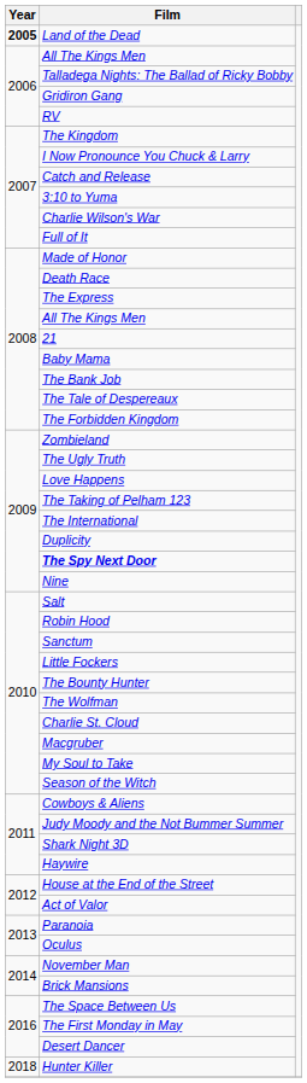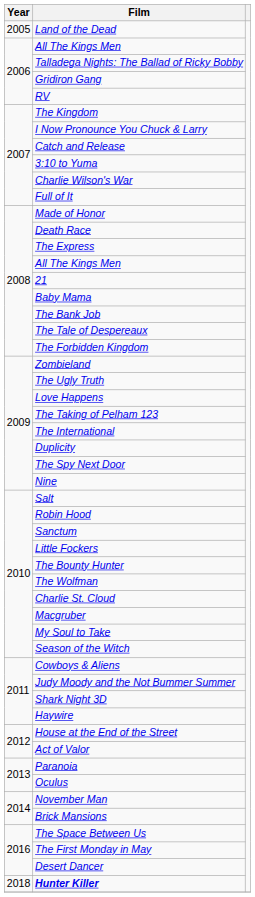 <table class="wikitable plainrowheaders">
 <tr>
 <th>Year</th>
 <th>Film</th>
 <th></th>
 </tr>
 <tr>
-<td><strong>2005</strong></td>
+<td>2005</td>
 <td><em><a href='#'>Land of the Dead</a></em></td>
 <td rowspan=52></td>
 </tr>
 <tr>
 <td rowspan=4>2006</td>
 <td><em><a href='#'>All The Kings Men</a></em></td>
 </tr>
 <tr>
 <td><em><a href='#'>Talladega Nights: The Ballad of Ricky Bobby</a></em></td>
 </tr>
 <tr>
 <td><em><a href='#'>Gridiron Gang</a></em></td>
 </tr>
 <tr>
 <td><em><a href='#'>RV</a></em></td>
 </tr>
 <tr>
 <td rowspan=6>2007</td>
 <td><em><a href='#'>The Kingdom</a></em></td>
 </tr>
 <tr>
 <td><em><a href='#'>I Now Pronounce You Chuck & Larry</a></em></td>
 </tr>
 <tr>
 <td><em><a href='#'>Catch and Release</a></em></td>
 </tr>
 <tr>
 <td><em><a href='#'>3:10 to Yuma</a></em></td>
 </tr>
 <tr>
 <td><em><a href='#'>Charlie Wilson's War</a></em></td>
 </tr>
 <tr>
 <td><em><a href='#'>Full of It</a></em></td>
 </tr>
 <tr>
 <td rowspan=9>2008</td>
 <td><em><a href='#'>Made of Honor</a></em></td>
 </tr>
 <tr>
 <td><em><a href='#'>Death Race</a></em></td>
 </tr>
 <tr>
 <td><em><a href='#'>The Express</a></em></td>
 </tr>
 <tr>
 <td><em><a href='#'>All The Kings Men</a></em></td>
 </tr>
 <tr>
 <td><em><a href='#'>21</a></em></td>
 </tr>
 <tr>
 <td><em><a href='#'>Baby Mama</a></em></td>
 </tr>
 <tr>
 <td><em><a href='#'>The Bank Job</a></em></td>
 </tr>
 <tr>
 <td><em><a href='#'>The Tale of Despereaux</a></em></td>
 </tr>
 <tr>
 <td><em><a href='#'>The Forbidden Kingdom</a></em></td>
 </tr>
 <tr>
 <td rowspan=8>2009</td>
 <td><em><a href='#'>Zombieland</a></em></td>
 </tr>
 <tr>
 <td><em><a href='#'>The Ugly Truth</a></em></td>
 </tr>
 <tr>
 <td><em><a href='#'>Love Happens</a></em></td>
 </tr>
 <tr>
 <td><em><a href='#'>The Taking of Pelham 123</a></em></td>
 </tr>
 <tr>
 <td><em><a href='#'>The International</a></em></td>
 </tr>
 <tr>
 <td><em><a href='#'>Duplicity</a></em></td>
 </tr>
 <tr>
-<td><strong><em><a href='#'>The Spy Next Door</a></em></strong></td>
+<td><em><a href='#'>The Spy Next Door</a></em></td>
 </tr>
 <tr>
 <td><em><a href='#'>Nine</a></em></td>
 </tr>
 <tr>
 <td rowspan=10>2010</td>
 <td><em><a href='#'>Salt</a></em></td>
 </tr>
 <tr>
 <td><em><a href='#'>Robin Hood</a></em></td>
 </tr>
 <tr>
 <td><em><a href='#'>Sanctum</a></em></td>
 </tr>
 <tr>
 <td><em><a href='#'>Little Fockers</a></em></td>
 </tr>
 <tr>
 <td><em><a href='#'>The Bounty Hunter</a></em></td>
 </tr>
 <tr>
 <td><em><a href='#'>The Wolfman</a></em></td>
 </tr>
 <tr>
 <td><em><a href='#'>Charlie St. Cloud</a></em></td>
 </tr>
 <tr>
 <td><em><a href='#'>Macgruber</a></em></td>
 </tr>
 <tr>
 <td><em><a href='#'>My Soul to Take</a></em></td>
 </tr>
 <tr>
 <td><em><a href='#'>Season of the Witch</a></em></td>
 </tr>
 <tr>
 <td rowspan=4>2011</td>
 <td><em><a href='#'>Cowboys & Aliens</a></em></td>
 </tr>
 <tr>
 <td><em><a href='#'>Judy Moody and the Not Bummer Summer</a></em></td>
 </tr>
 <tr>
 <td><em><a href='#'>Shark Night 3D</a></em></td>
 </tr>
 <tr>
 <td><em><a href='#'>Haywire</a></em></td>
 </tr>
 <tr>
 <td rowspan=2>2012</td>
 <td><em><a href='#'>House at the End of the Street</a></em></td>
 </tr>
 <tr>
 <td><em><a href='#'>Act of Valor</a></em></td>
 </tr>
 <tr>
 <td rowspan=2>2013</td>
 <td><em><a href='#'>Paranoia</a></em></td>
 </tr>
 <tr>
 <td><em><a href='#'>Oculus</a></em></td>
 </tr>
 <tr>
 <td rowspan=2>2014</td>
 <td><em><a href='#'>November Man</a></em></td>
 </tr>
 <tr>
 <td><em><a href='#'>Brick Mansions</a></em></td>
 </tr>
 <tr>
 <td rowspan=3>2016</td>
 <td><em><a href='#'>The Space Between Us</a></em></td>
 </tr>
 <tr>
 <td><em><a href='#'>The First Monday in May</a></em></td>
 </tr>
 <tr>
 <td><em><a href='#'>Desert Dancer</a></em></td>
 </tr>
 <tr>
 <td>2018</td>
-<td><em><a href='#'>Hunter Killer</a></em></td>
+<td><strong><em><a href='#'>Hunter Killer</a></em></strong></td>
 </tr>
 <tr>
 </tr>
 </table>
